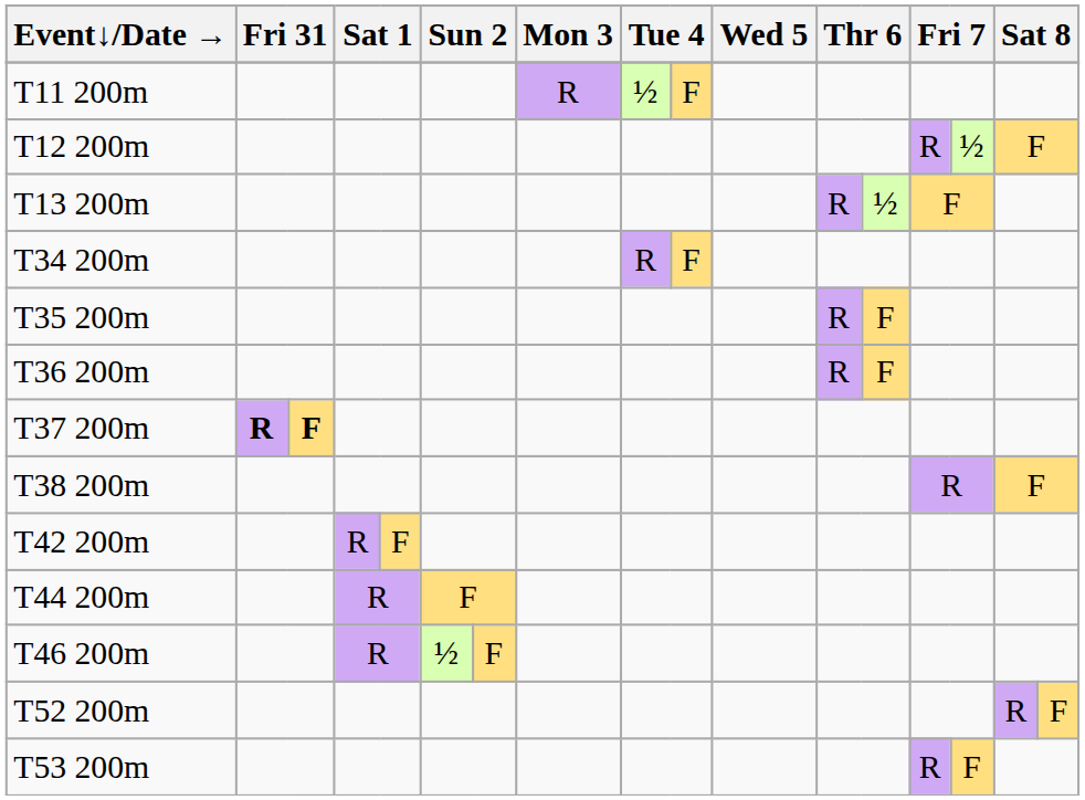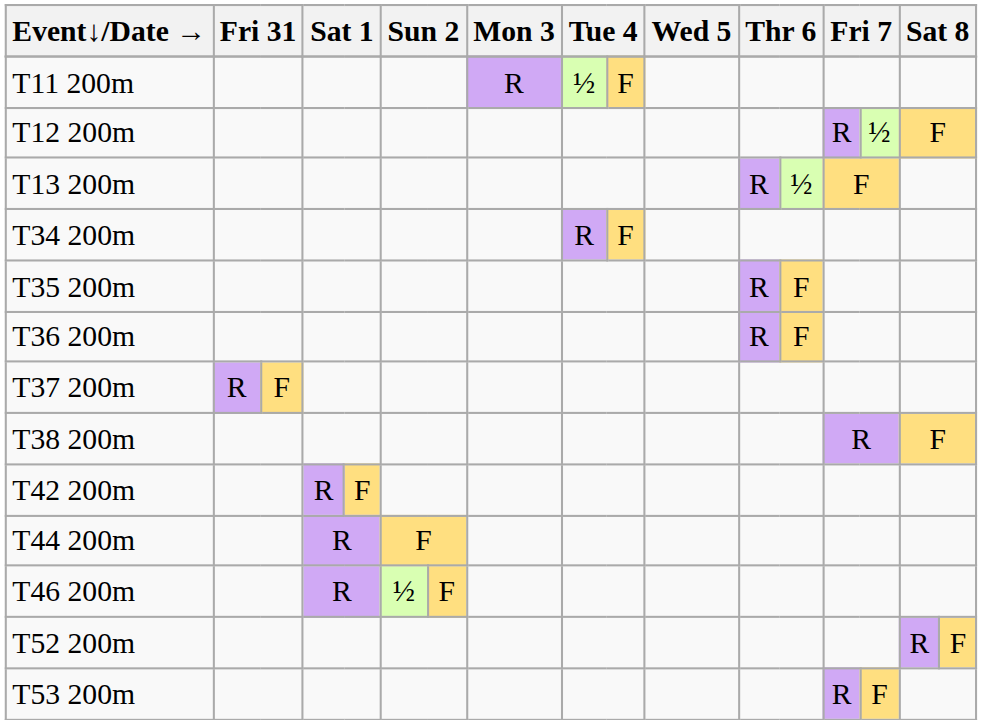 <table class="wikitable" style="margin:0.5em auto; font-size:90%; line-height:1.25em;">
 <tr align="center">
 <th>Event↓/Date →</th>
 <th colspan=2>Fri 31</th>
 <th colspan=2>Sat 1</th>
 <th colspan=2>Sun 2</th>
 <th colspan=2>Mon 3</th>
 <th colspan=2>Tue 4</th>
 <th colspan=2>Wed 5</th>
 <th colspan=2>Thr 6</th>
 <th colspan=2>Fri 7</th>
 <th colspan=2>Sat 8</th>
 </tr>
 <tr>
 </tr>
 <tr align="center">
 <td align="left">T11 200m</td>
 <td colspan=2></td>
 <td colspan=2></td>
 <td colspan=2></td>
 <td colspan=2 bgcolor="#D0A9F5">R</td>
 <td bgcolor="#D9FFB2">½</td>
 <td bgcolor="#FFDF80">F</td>
 <td colspan=2></td>
 <td colspan=2></td>
 <td colspan=2></td>
 <td colspan=2></td>
 </tr>
 <tr align="center">
 <td align="left">T12 200m</td>
 <td colspan=2></td>
 <td colspan=2></td>
 <td colspan=2></td>
 <td colspan=2></td>
 <td colspan=2></td>
 <td colspan=2></td>
 <td colspan=2></td>
 <td bgcolor="#D0A9F5">R</td>
 <td bgcolor="#D9FFB2">½</td>
 <td colspan=2 bgcolor="#FFDF80">F</td>
 </tr>
 <tr align="center">
 <td align="left">T13 200m</td>
 <td colspan=2></td>
 <td colspan=2></td>
 <td colspan=2></td>
 <td colspan=2></td>
 <td colspan=2></td>
 <td colspan=2></td>
 <td bgcolor="#D0A9F5">R</td>
 <td bgcolor="#D9FFB2">½</td>
 <td colspan=2 bgcolor="#FFDF80">F</td>
 <td colspan=2></td>
 </tr>
 <tr align="center">
 <td align="left">T34 200m</td>
 <td colspan=2></td>
 <td colspan=2></td>
 <td colspan=2></td>
 <td colspan=2></td>
 <td bgcolor="#D0A9F5">R</td>
 <td bgcolor="#FFDF80">F</td>
 <td colspan=2></td>
 <td colspan=2></td>
 <td colspan=2></td>
 <td colspan=2></td>
 </tr>
 <tr align="center">
 <td align="left">T35 200m</td>
 <td colspan=2></td>
 <td colspan=2></td>
 <td colspan=2></td>
 <td colspan=2></td>
 <td colspan=2></td>
 <td colspan=2></td>
 <td bgcolor="#D0A9F5">R</td>
 <td bgcolor="#FFDF80">F</td>
 <td colspan=2></td>
 <td colspan=2></td>
 </tr>
 <tr align="center">
 <td align="left">T36 200m</td>
 <td colspan=2></td>
 <td colspan=2></td>
 <td colspan=2></td>
 <td colspan=2></td>
 <td colspan=2></td>
 <td colspan=2></td>
 <td bgcolor="#D0A9F5">R</td>
 <td bgcolor="#FFDF80">F</td>
 <td colspan=2></td>
 <td colspan=2></td>
 </tr>
 <tr align="center">
 <td align="left">T37 200m</td>
-<td bgcolor="#D0A9F5"><strong>R</strong></td>
-<td bgcolor="#FFDF80"><strong>F</strong></td>
+<td bgcolor="#D0A9F5">R</td>
+<td bgcolor="#FFDF80">F</td>
 <td colspan=2></td>
 <td colspan=2></td>
 <td colspan=2></td>
 <td colspan=2></td>
 <td colspan=2></td>
 <td colspan=2></td>
 <td colspan=2></td>
 <td colspan=2></td>
 </tr>
 <tr align="center">
 <td align="left">T38 200m</td>
 <td colspan=2></td>
 <td colspan=2></td>
 <td colspan=2></td>
 <td colspan=2></td>
 <td colspan=2></td>
 <td colspan=2></td>
 <td colspan=2></td>
 <td colspan=2 bgcolor="#D0A9F5">R</td>
 <td colspan=2 bgcolor="#FFDF80">F</td>
 </tr>
 <tr align="center">
 <td align="left">T42 200m</td>
 <td colspan=2></td>
 <td bgcolor="#D0A9F5">R</td>
 <td bgcolor="#FFDF80">F</td>
 <td colspan=2></td>
 <td colspan=2></td>
 <td colspan=2></td>
 <td colspan=2></td>
 <td colspan=2></td>
 <td colspan=2></td>
 <td colspan=2></td>
 </tr>
 <tr align="center">
 <td align="left">T44 200m</td>
 <td colspan=2></td>
 <td colspan=2 bgcolor="#D0A9F5">R</td>
 <td colspan=2 bgcolor="#FFDF80">F</td>
 <td colspan=2></td>
 <td colspan=2></td>
 <td colspan=2></td>
 <td colspan=2></td>
 <td colspan=2></td>
 <td colspan=2></td>
 </tr>
 <tr align="center">
 <td align="left">T46 200m</td>
 <td colspan=2></td>
 <td colspan=2 bgcolor="#D0A9F5">R</td>
 <td bgcolor="#D9FFB2">½</td>
 <td bgcolor="#FFDF80">F</td>
 <td colspan=2></td>
 <td colspan=2></td>
 <td colspan=2></td>
 <td colspan=2></td>
 <td colspan=2></td>
 <td colspan=2></td>
 </tr>
 <tr align="center">
 <td align="left">T52 200m</td>
 <td colspan=2></td>
 <td colspan=2></td>
 <td colspan=2></td>
 <td colspan=2></td>
 <td colspan=2></td>
 <td colspan=2></td>
 <td colspan=2></td>
 <td colspan=2></td>
 <td bgcolor="#D0A9F5">R</td>
 <td bgcolor="#FFDF80">F</td>
 </tr>
 <tr align="center">
 <td align="left">T53 200m</td>
 <td colspan=2></td>
 <td colspan=2></td>
 <td colspan=2></td>
 <td colspan=2></td>
 <td colspan=2></td>
 <td colspan=2></td>
 <td colspan=2></td>
 <td bgcolor="#D0A9F5">R</td>
 <td bgcolor="#FFDF80">F</td>
 <td colspan=2></td>
 </tr>
 </table>
